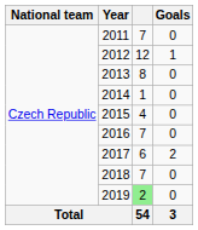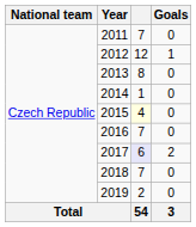 <table class="wikitable" style="text-align:center">
 <tr>
 <th>National team</th>
 <th>Year</th>
 <th></th>
 <th>Goals</th>
 </tr>
 <tr>
 <td rowspan="9"><a href='#'>Czech Republic</a></td>
 <td>2011</td>
 <td>7</td>
 <td>0</td>
 </tr>
 <tr>
 <td>2012</td>
 <td>12</td>
 <td>1</td>
 </tr>
 <tr>
 <td>2013</td>
 <td>8</td>
 <td>0</td>
 </tr>
 <tr>
 <td>2014</td>
 <td>1</td>
 <td>0</td>
 </tr>
 <tr>
 <td>2015</td>
-<td>4</td>
+<td style="background: lightyellow;">4</td>
 <td>0</td>
 </tr>
 <tr>
 <td>2016</td>
 <td>7</td>
 <td>0</td>
 </tr>
 <tr>
 <td>2017</td>
-<td>6</td>
+<td style="background: lavender;">6</td>
 <td>2</td>
 </tr>
 <tr>
 <td>2018</td>
 <td>7</td>
 <td>0</td>
 </tr>
 <tr>
 <td>2019</td>
-<td style="background: lightgreen;">2</td>
+<td>2</td>
 <td>0</td>
 </tr>
 <tr>
 <th colspan="2">Total</th>
 <th>54</th>
 <th>3</th>
 </tr>
 </table>
